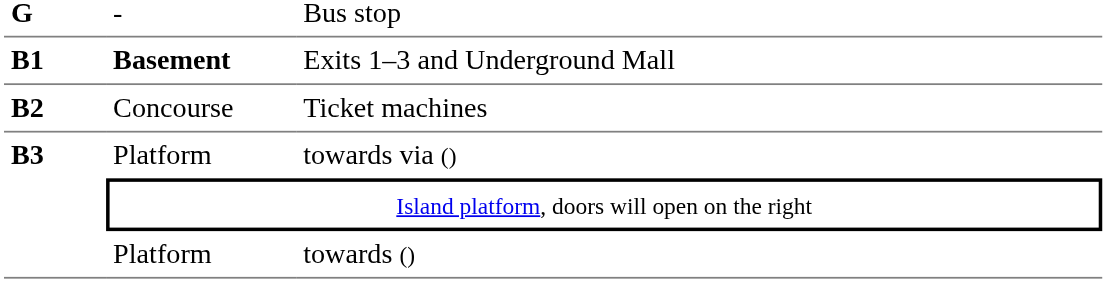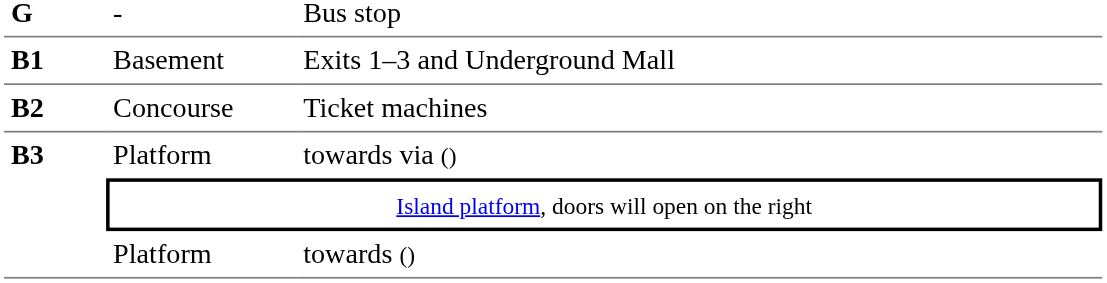 <table table border=0 cellspacing=0 cellpadding=4>
 <tr>
 <td style = "border-bottom:solid 1px gray;" rowspan=1 valign=top><strong>G</strong></td>
 <td style = "border-bottom:solid 1px gray;" valign=top>-</td>
 <td style = "border-bottom:solid 1px gray;" valign=top>Bus stop</td>
 </tr>
 <tr>
 <td style = "border-bottom:solid 1px gray;" rowspan=1 valign=top><strong>B1</strong></td>
-<td style = "border-bottom:solid 1px gray;" valign=top><strong>Basement</strong></td>
+<td style = "border-bottom:solid 1px gray;" valign=top>Basement</td>
 <td style = "border-bottom:solid 1px gray;" valign=top>Exits 1–3 and Underground Mall</td>
 </tr>
 <tr>
 <td style = "border-bottom:solid 1px gray;" rowspan=1 valign=top><strong>B2</strong></td>
 <td style = "border-bottom:solid 1px gray;" valign=top>Concourse</td>
 <td style = "border-bottom:solid 1px gray;" valign=top>Ticket machines</td>
 </tr>
 <tr>
 <td style="border-bottom:solid 1px gray;" rowspan=3 valign=top width=50><strong>B3</strong></td>
 <td width=100>Platform </td>
 <td width=450> towards  via  <small>()</small></td>
 </tr>
 <tr>
 <td style = "border-top:solid 2px black;border-right:solid 2px black;border-left:solid 2px black;border-bottom:solid 2px black; text-align:center;" colspan=2><small><a href='#'>Island platform</a>, doors will open on the right</small></td>
 </tr>
 <tr>
 <td style="border-bottom:solid 1px gray;" width=100>Platform </td>
 <td style="border-bottom:solid 1px gray;" width=450> towards  <small>()</small></td>
 </tr>
 </table>
